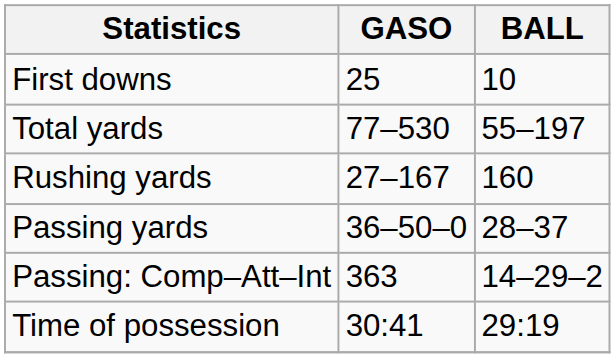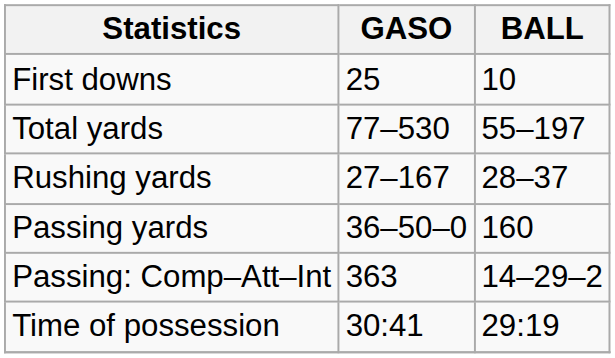 <table class="wikitable" style="float: left;">
 <tr>
 <th>Statistics</th>
 <th>GASO</th>
 <th>BALL</th>
 </tr>
 <tr>
 <td>First downs</td>
 <td>25</td>
 <td>10</td>
 </tr>
 <tr>
 <td>Total yards</td>
 <td>77–530</td>
 <td>55–197</td>
 </tr>
 <tr>
 <td>Rushing yards</td>
 <td>27–167</td>
-<td>160</td>
+<td>28–37</td>
 </tr>
 <tr>
 <td>Passing yards</td>
 <td>36–50–0</td>
-<td>28–37</td>
+<td>160</td>
 </tr>
 <tr>
 <td>Passing: Comp–Att–Int</td>
 <td>363</td>
 <td>14–29–2</td>
 </tr>
 <tr>
 <td>Time of possession</td>
 <td>30:41</td>
 <td>29:19</td>
 </tr>
 <tr>
 </tr>
 </table>
